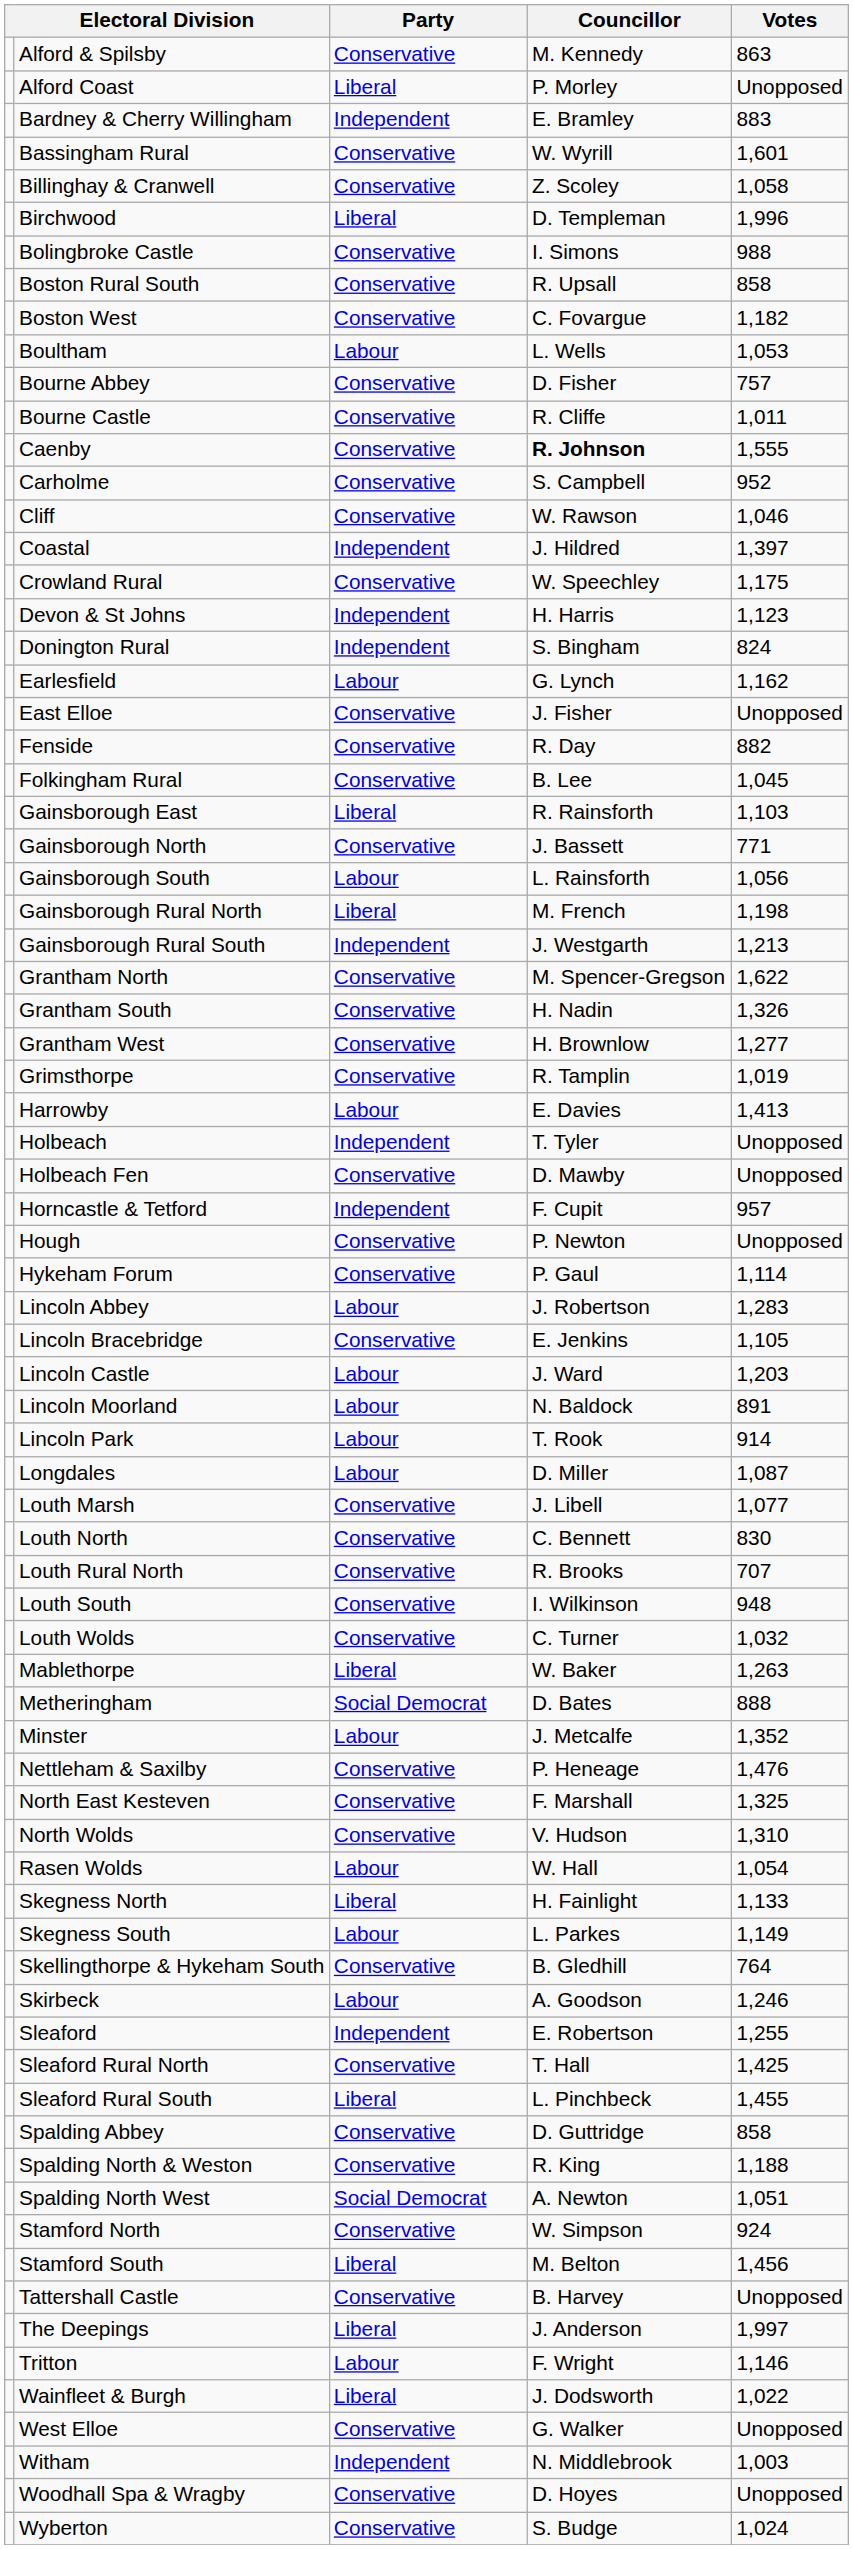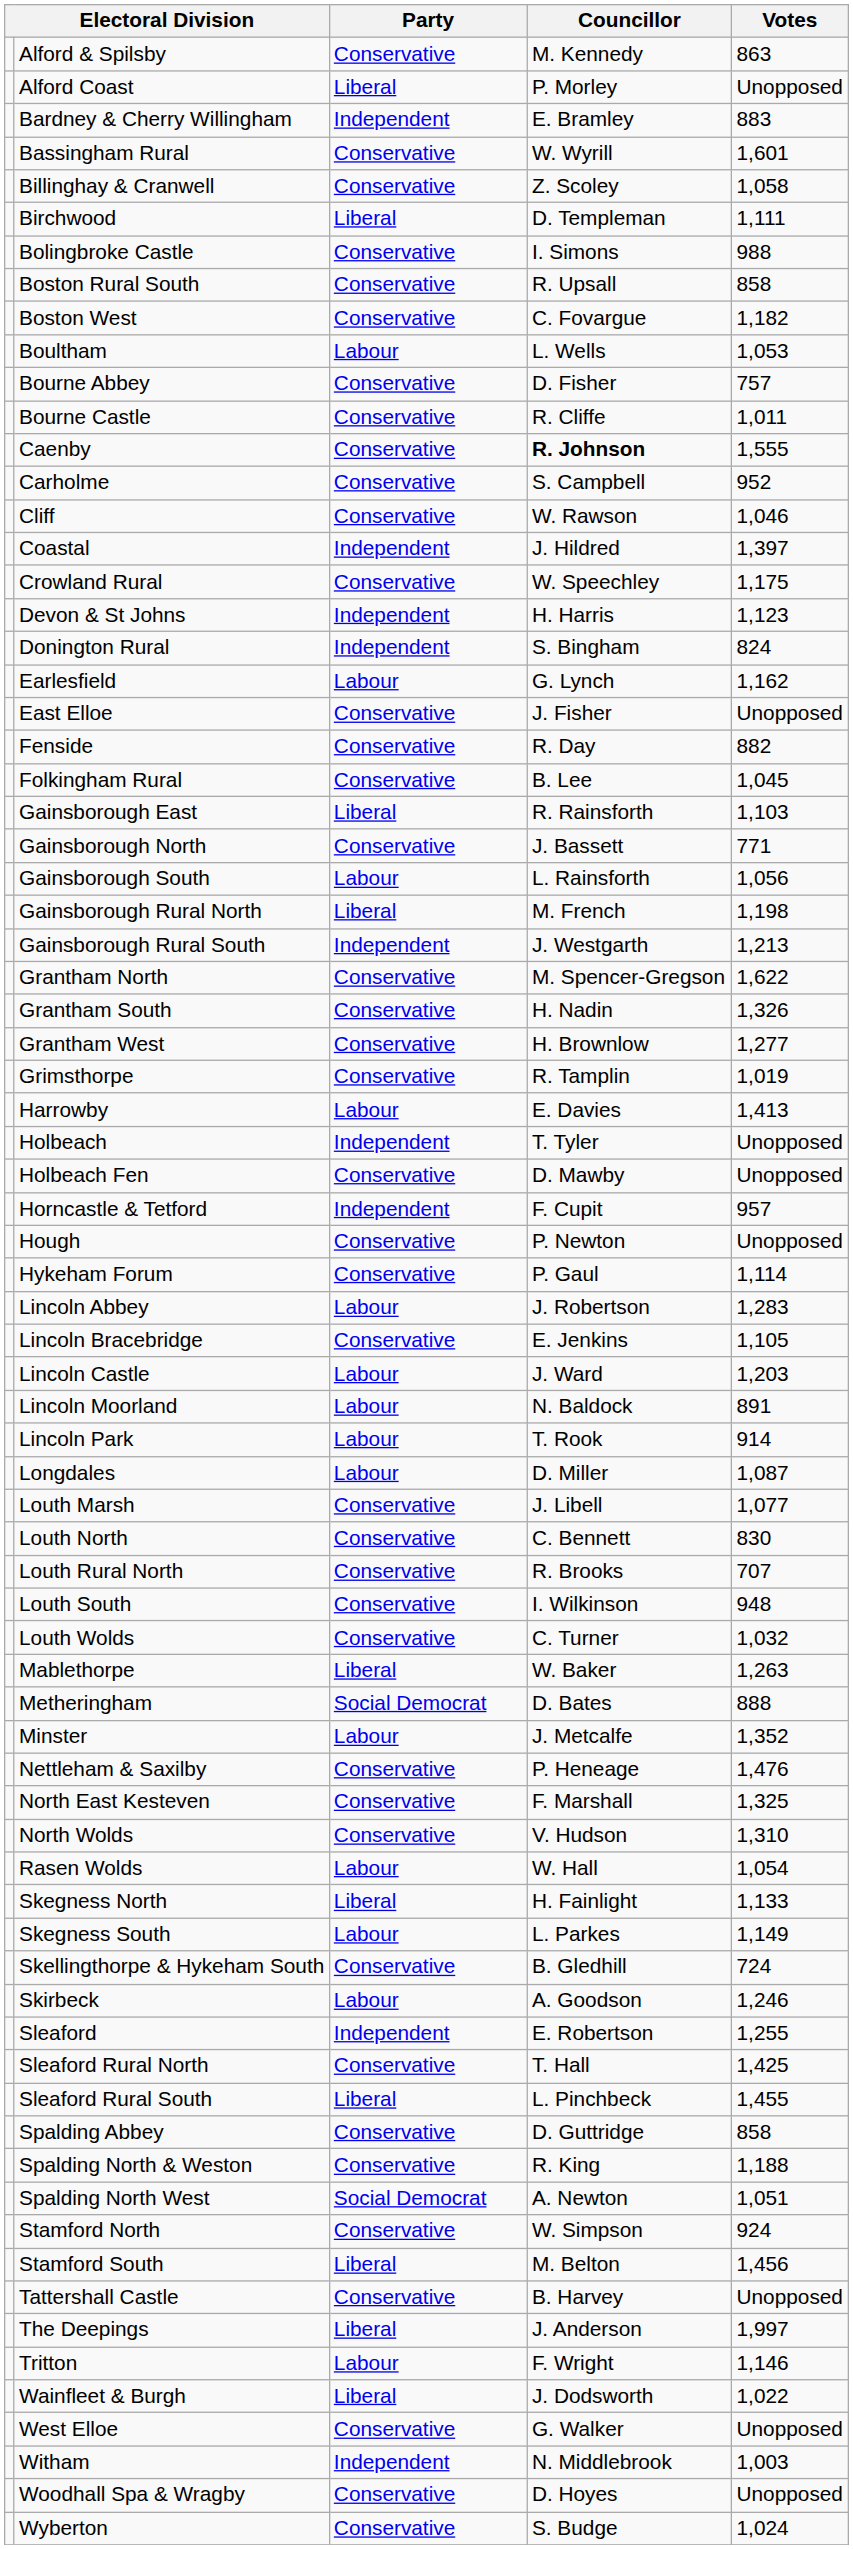 <table class="wikitable">
 <tr>
 <th colspan="2">Electoral Division</th>
 <th width="145px">Party</th>
 <th width="150px">Councillor</th>
 <th width="60px">Votes</th>
 </tr>
 <tr>
 <td style="color:inherit;background:"></td>
 <td>Alford & Spilsby</td>
 <td><a href='#'>Conservative</a></td>
 <td>M. Kennedy</td>
 <td>863</td>
 </tr>
 <tr>
 <td style="color:inherit;background:"></td>
 <td>Alford Coast</td>
 <td><a href='#'>Liberal</a></td>
 <td>P. Morley</td>
 <td>Unopposed</td>
 </tr>
 <tr>
 <td style="color:inherit;background:"></td>
 <td>Bardney & Cherry Willingham</td>
 <td><a href='#'>Independent</a></td>
 <td>E. Bramley</td>
 <td>883</td>
 </tr>
 <tr>
 <td style="color:inherit;background:"></td>
 <td>Bassingham Rural</td>
 <td><a href='#'>Conservative</a></td>
 <td>W. Wyrill</td>
 <td>1,601</td>
 </tr>
 <tr>
 <td style="color:inherit;background:"></td>
 <td>Billinghay & Cranwell</td>
 <td><a href='#'>Conservative</a></td>
 <td>Z. Scoley</td>
 <td>1,058</td>
 </tr>
 <tr>
 <td style="color:inherit;background:"></td>
 <td>Birchwood</td>
 <td><a href='#'>Liberal</a></td>
 <td>D. Templeman</td>
-<td>1,996</td>
+<td>1,111</td>
 </tr>
 <tr>
 <td style="color:inherit;background:"></td>
 <td>Bolingbroke Castle</td>
 <td><a href='#'>Conservative</a></td>
 <td>I. Simons</td>
 <td>988</td>
 </tr>
 <tr>
 <td style="color:inherit;background:"></td>
 <td>Boston Rural South</td>
 <td><a href='#'>Conservative</a></td>
 <td>R. Upsall</td>
 <td>858</td>
 </tr>
 <tr>
 <td style="color:inherit;background:"></td>
 <td>Boston West</td>
 <td><a href='#'>Conservative</a></td>
 <td>C. Fovargue</td>
 <td>1,182</td>
 </tr>
 <tr>
 <td style="color:inherit;background:"></td>
 <td>Boultham</td>
 <td><a href='#'>Labour</a></td>
 <td>L. Wells</td>
 <td>1,053</td>
 </tr>
 <tr>
 <td style="color:inherit;background:"></td>
 <td>Bourne Abbey</td>
 <td><a href='#'>Conservative</a></td>
 <td>D. Fisher</td>
 <td>757</td>
 </tr>
 <tr>
 <td style="color:inherit;background:"></td>
 <td>Bourne Castle</td>
 <td><a href='#'>Conservative</a></td>
 <td>R. Cliffe</td>
 <td>1,011</td>
 </tr>
 <tr>
 <td style="color:inherit;background:"></td>
 <td>Caenby</td>
 <td><a href='#'>Conservative</a></td>
 <td><strong>R. Johnson</strong></td>
 <td>1,555</td>
 </tr>
 <tr>
 <td style="color:inherit;background:"></td>
 <td>Carholme</td>
 <td><a href='#'>Conservative</a></td>
 <td>S. Campbell</td>
 <td>952</td>
 </tr>
 <tr>
 <td style="color:inherit;background:"></td>
 <td>Cliff</td>
 <td><a href='#'>Conservative</a></td>
 <td>W. Rawson</td>
 <td>1,046</td>
 </tr>
 <tr>
 <td style="color:inherit;background:"></td>
 <td>Coastal</td>
 <td><a href='#'>Independent</a></td>
 <td>J. Hildred</td>
 <td>1,397</td>
 </tr>
 <tr>
 <td style="color:inherit;background:"></td>
 <td>Crowland Rural</td>
 <td><a href='#'>Conservative</a></td>
 <td>W. Speechley</td>
 <td>1,175</td>
 </tr>
 <tr>
 <td style="color:inherit;background:"></td>
 <td>Devon & St Johns</td>
 <td><a href='#'>Independent</a></td>
 <td>H. Harris</td>
 <td>1,123</td>
 </tr>
 <tr>
 <td style="color:inherit;background:"></td>
 <td>Donington Rural</td>
 <td><a href='#'>Independent</a></td>
 <td>S. Bingham</td>
 <td>824</td>
 </tr>
 <tr>
 <td style="color:inherit;background:"></td>
 <td>Earlesfield</td>
 <td><a href='#'>Labour</a></td>
 <td>G. Lynch</td>
 <td>1,162</td>
 </tr>
 <tr>
 <td style="color:inherit;background:"></td>
 <td>East Elloe</td>
 <td><a href='#'>Conservative</a></td>
 <td>J. Fisher</td>
 <td>Unopposed</td>
 </tr>
 <tr>
 <td style="color:inherit;background:"></td>
 <td>Fenside</td>
 <td><a href='#'>Conservative</a></td>
 <td>R. Day</td>
 <td>882</td>
 </tr>
 <tr>
 <td style="color:inherit;background:"></td>
 <td>Folkingham Rural</td>
 <td><a href='#'>Conservative</a></td>
 <td>B. Lee</td>
 <td>1,045</td>
 </tr>
 <tr>
 <td style="color:inherit;background:"></td>
 <td>Gainsborough East</td>
 <td><a href='#'>Liberal</a></td>
 <td>R. Rainsforth</td>
 <td>1,103</td>
 </tr>
 <tr>
 <td style="color:inherit;background:"></td>
 <td>Gainsborough North</td>
 <td><a href='#'>Conservative</a></td>
 <td>J. Bassett</td>
 <td>771</td>
 </tr>
 <tr>
 <td style="color:inherit;background:"></td>
 <td>Gainsborough South</td>
 <td><a href='#'>Labour</a></td>
 <td>L. Rainsforth</td>
 <td>1,056</td>
 </tr>
 <tr>
 <td style="color:inherit;background:"></td>
 <td>Gainsborough Rural North</td>
 <td><a href='#'>Liberal</a></td>
 <td>M. French</td>
 <td>1,198</td>
 </tr>
 <tr>
 <td style="color:inherit;background:"></td>
 <td>Gainsborough Rural South</td>
 <td><a href='#'>Independent</a></td>
 <td>J. Westgarth</td>
 <td>1,213</td>
 </tr>
 <tr>
 <td style="color:inherit;background:"></td>
 <td>Grantham North</td>
 <td><a href='#'>Conservative</a></td>
 <td>M. Spencer-Gregson</td>
 <td>1,622</td>
 </tr>
 <tr>
 <td style="color:inherit;background:"></td>
 <td>Grantham South</td>
 <td><a href='#'>Conservative</a></td>
 <td>H. Nadin</td>
 <td>1,326</td>
 </tr>
 <tr>
 <td style="color:inherit;background:"></td>
 <td>Grantham West</td>
 <td><a href='#'>Conservative</a></td>
 <td>H. Brownlow</td>
 <td>1,277</td>
 </tr>
 <tr>
 <td style="color:inherit;background:"></td>
 <td>Grimsthorpe</td>
 <td><a href='#'>Conservative</a></td>
 <td>R. Tamplin</td>
 <td>1,019</td>
 </tr>
 <tr>
 <td style="color:inherit;background:"></td>
 <td>Harrowby</td>
 <td><a href='#'>Labour</a></td>
 <td>E. Davies</td>
 <td>1,413</td>
 </tr>
 <tr>
 <td style="color:inherit;background:"></td>
 <td>Holbeach</td>
 <td><a href='#'>Independent</a></td>
 <td>T. Tyler</td>
 <td>Unopposed</td>
 </tr>
 <tr>
 <td style="color:inherit;background:"></td>
 <td>Holbeach Fen</td>
 <td><a href='#'>Conservative</a></td>
 <td>D. Mawby</td>
 <td>Unopposed</td>
 </tr>
 <tr>
 <td style="color:inherit;background:"></td>
 <td>Horncastle & Tetford</td>
 <td><a href='#'>Independent</a></td>
 <td>F. Cupit</td>
 <td>957</td>
 </tr>
 <tr>
 <td style="color:inherit;background:"></td>
 <td>Hough</td>
 <td><a href='#'>Conservative</a></td>
 <td>P. Newton</td>
 <td>Unopposed</td>
 </tr>
 <tr>
 <td style="color:inherit;background:"></td>
 <td>Hykeham Forum</td>
 <td><a href='#'>Conservative</a></td>
 <td>P. Gaul</td>
 <td>1,114</td>
 </tr>
 <tr>
 <td style="color:inherit;background:"></td>
 <td>Lincoln Abbey</td>
 <td><a href='#'>Labour</a></td>
 <td>J. Robertson</td>
 <td>1,283</td>
 </tr>
 <tr>
 <td style="color:inherit;background:"></td>
 <td>Lincoln Bracebridge</td>
 <td><a href='#'>Conservative</a></td>
 <td>E. Jenkins</td>
 <td>1,105</td>
 </tr>
 <tr>
 <td style="color:inherit;background:"></td>
 <td>Lincoln Castle</td>
 <td><a href='#'>Labour</a></td>
 <td>J. Ward</td>
 <td>1,203</td>
 </tr>
 <tr>
 <td style="color:inherit;background:"></td>
 <td>Lincoln Moorland</td>
 <td><a href='#'>Labour</a></td>
 <td>N. Baldock</td>
 <td>891</td>
 </tr>
 <tr>
 <td style="color:inherit;background:"></td>
 <td>Lincoln Park</td>
 <td><a href='#'>Labour</a></td>
 <td>T. Rook</td>
 <td>914</td>
 </tr>
 <tr>
 <td style="color:inherit;background:"></td>
 <td>Longdales</td>
 <td><a href='#'>Labour</a></td>
 <td>D. Miller</td>
 <td>1,087</td>
 </tr>
 <tr>
 <td style="color:inherit;background:"></td>
 <td>Louth Marsh</td>
 <td><a href='#'>Conservative</a></td>
 <td>J. Libell</td>
 <td>1,077</td>
 </tr>
 <tr>
 <td style="color:inherit;background:"></td>
 <td>Louth North</td>
 <td><a href='#'>Conservative</a></td>
 <td>C. Bennett</td>
 <td>830</td>
 </tr>
 <tr>
 <td style="color:inherit;background:"></td>
 <td>Louth Rural North</td>
 <td><a href='#'>Conservative</a></td>
 <td>R. Brooks</td>
 <td>707</td>
 </tr>
 <tr>
 <td style="color:inherit;background:"></td>
 <td>Louth South</td>
 <td><a href='#'>Conservative</a></td>
 <td>I. Wilkinson</td>
 <td>948</td>
 </tr>
 <tr>
 <td style="color:inherit;background:"></td>
 <td>Louth Wolds</td>
 <td><a href='#'>Conservative</a></td>
 <td>C. Turner</td>
 <td>1,032</td>
 </tr>
 <tr>
 <td style="color:inherit;background:"></td>
 <td>Mablethorpe</td>
 <td><a href='#'>Liberal</a></td>
 <td>W. Baker</td>
 <td>1,263</td>
 </tr>
 <tr>
 <td style="color:inherit;background:"></td>
 <td>Metheringham</td>
 <td><a href='#'>Social Democrat</a></td>
 <td>D. Bates</td>
 <td>888</td>
 </tr>
 <tr>
 <td style="color:inherit;background:"></td>
 <td>Minster</td>
 <td><a href='#'>Labour</a></td>
 <td>J. Metcalfe</td>
 <td>1,352</td>
 </tr>
 <tr>
 <td style="color:inherit;background:"></td>
 <td>Nettleham & Saxilby</td>
 <td><a href='#'>Conservative</a></td>
 <td>P. Heneage</td>
 <td>1,476</td>
 </tr>
 <tr>
 <td style="color:inherit;background:"></td>
 <td>North East Kesteven</td>
 <td><a href='#'>Conservative</a></td>
 <td>F. Marshall</td>
 <td>1,325</td>
 </tr>
 <tr>
 <td style="color:inherit;background:"></td>
 <td>North Wolds</td>
 <td><a href='#'>Conservative</a></td>
 <td>V. Hudson</td>
 <td>1,310</td>
 </tr>
 <tr>
 <td style="color:inherit;background:"></td>
 <td>Rasen Wolds</td>
 <td><a href='#'>Labour</a></td>
 <td>W. Hall</td>
 <td>1,054</td>
 </tr>
 <tr>
 <td style="color:inherit;background:"></td>
 <td>Skegness North</td>
 <td><a href='#'>Liberal</a></td>
 <td>H. Fainlight</td>
 <td>1,133</td>
 </tr>
 <tr>
 <td style="color:inherit;background:"></td>
 <td>Skegness South</td>
 <td><a href='#'>Labour</a></td>
 <td>L. Parkes</td>
 <td>1,149</td>
 </tr>
 <tr>
 <td style="color:inherit;background:"></td>
 <td>Skellingthorpe & Hykeham South</td>
 <td><a href='#'>Conservative</a></td>
 <td>B. Gledhill</td>
-<td>764</td>
+<td>724</td>
 </tr>
 <tr>
 <td style="color:inherit;background:"></td>
 <td>Skirbeck</td>
 <td><a href='#'>Labour</a></td>
 <td>A. Goodson</td>
 <td>1,246</td>
 </tr>
 <tr>
 <td style="color:inherit;background:"></td>
 <td>Sleaford</td>
 <td><a href='#'>Independent</a></td>
 <td>E. Robertson</td>
 <td>1,255</td>
 </tr>
 <tr>
 <td style="color:inherit;background:"></td>
 <td>Sleaford Rural North</td>
 <td><a href='#'>Conservative</a></td>
 <td>T. Hall</td>
 <td>1,425</td>
 </tr>
 <tr>
 <td style="color:inherit;background:"></td>
 <td>Sleaford Rural South</td>
 <td><a href='#'>Liberal</a></td>
 <td>L. Pinchbeck</td>
 <td>1,455</td>
 </tr>
 <tr>
 <td style="color:inherit;background:"></td>
 <td>Spalding Abbey</td>
 <td><a href='#'>Conservative</a></td>
 <td>D. Guttridge</td>
 <td>858</td>
 </tr>
 <tr>
 <td style="color:inherit;background:"></td>
 <td>Spalding North & Weston</td>
 <td><a href='#'>Conservative</a></td>
 <td>R. King</td>
 <td>1,188</td>
 </tr>
 <tr>
 <td style="color:inherit;background:"></td>
 <td>Spalding North West</td>
 <td><a href='#'>Social Democrat</a></td>
 <td>A. Newton</td>
 <td>1,051</td>
 </tr>
 <tr>
 <td style="color:inherit;background:"></td>
 <td>Stamford North</td>
 <td><a href='#'>Conservative</a></td>
 <td>W. Simpson</td>
 <td>924</td>
 </tr>
 <tr>
 <td style="color:inherit;background:"></td>
 <td>Stamford South</td>
 <td><a href='#'>Liberal</a></td>
 <td>M. Belton</td>
 <td>1,456</td>
 </tr>
 <tr>
 <td style="color:inherit;background:"></td>
 <td>Tattershall Castle</td>
 <td><a href='#'>Conservative</a></td>
 <td>B. Harvey</td>
 <td>Unopposed</td>
 </tr>
 <tr>
 <td style="color:inherit;background:"></td>
 <td>The Deepings</td>
 <td><a href='#'>Liberal</a></td>
 <td>J. Anderson</td>
 <td>1,997</td>
 </tr>
 <tr>
 <td style="color:inherit;background:"></td>
 <td>Tritton</td>
 <td><a href='#'>Labour</a></td>
 <td>F. Wright</td>
 <td>1,146</td>
 </tr>
 <tr>
 <td style="color:inherit;background:"></td>
 <td>Wainfleet & Burgh</td>
 <td><a href='#'>Liberal</a></td>
 <td>J. Dodsworth</td>
 <td>1,022</td>
 </tr>
 <tr>
 <td style="color:inherit;background:"></td>
 <td>West Elloe</td>
 <td><a href='#'>Conservative</a></td>
 <td>G. Walker</td>
 <td>Unopposed</td>
 </tr>
 <tr>
 <td style="color:inherit;background:"></td>
 <td>Witham</td>
 <td><a href='#'>Independent</a></td>
 <td>N. Middlebrook</td>
 <td>1,003</td>
 </tr>
 <tr>
 <td style="color:inherit;background:"></td>
 <td>Woodhall Spa & Wragby</td>
 <td><a href='#'>Conservative</a></td>
 <td>D. Hoyes</td>
 <td>Unopposed</td>
 </tr>
 <tr>
 <td style="color:inherit;background:"></td>
 <td>Wyberton</td>
 <td><a href='#'>Conservative</a></td>
 <td>S. Budge</td>
 <td>1,024</td>
 </tr>
 </table>
